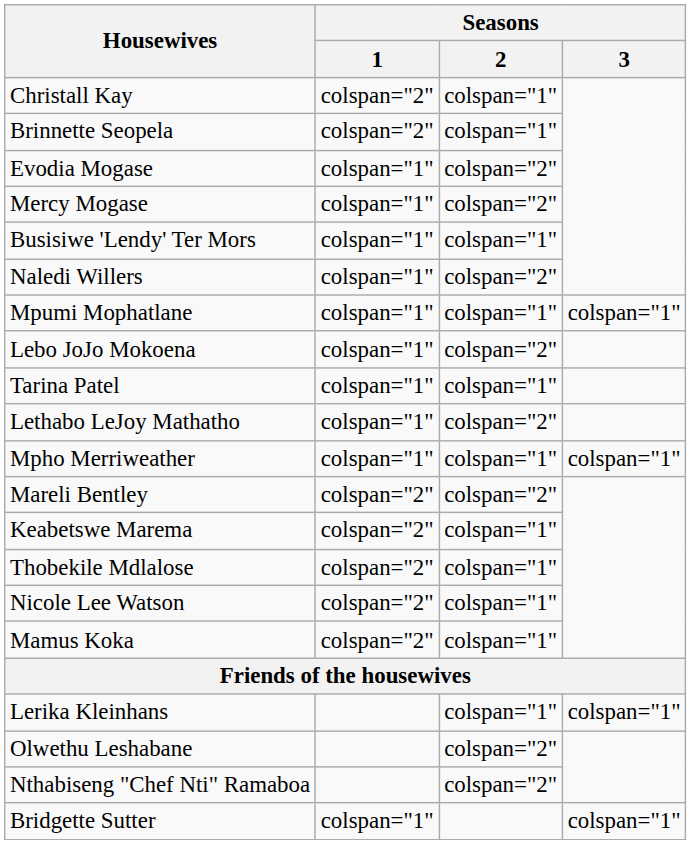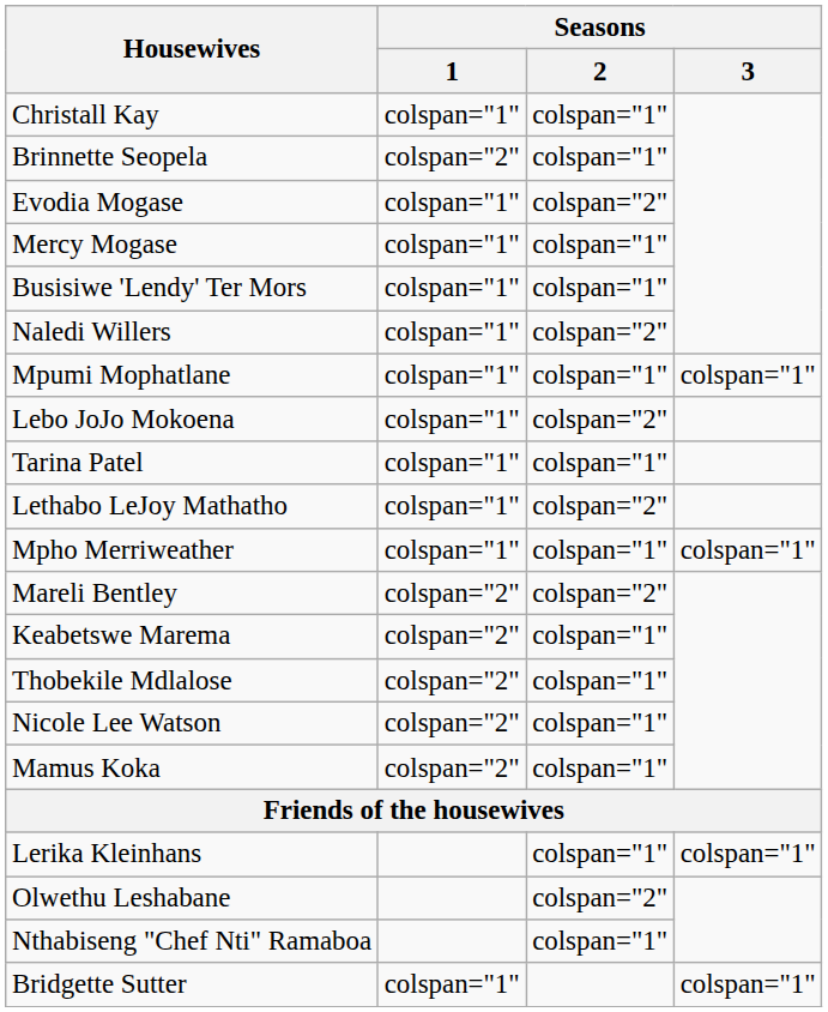 <table class="wikitable plainrowheaders" width="40%">
 <tr>
 <th rowspan="2" style="width:20%;">Housewives</th>
 <th colspan="5">Seasons</th>
 </tr>
 <tr>
 <th style="width:9%;">1</th>
 <th style="width:9%;">2</th>
 <th style="width:9%;">3</th>
 </tr>
 <tr>
 <td>Christall Kay</td>
-<td>colspan="2" </td>
+<td>colspan="1" </td>
 <td>colspan="1" </td>
 </tr>
 <tr>
 <td>Brinnette Seopela</td>
 <td>colspan="2" </td>
 <td>colspan="1" </td>
 </tr>
 <tr>
 <td>Evodia Mogase</td>
 <td>colspan="1" </td>
 <td>colspan="2" </td>
 </tr>
 <tr>
 <td>Mercy Mogase</td>
 <td>colspan="1" </td>
-<td>colspan="2" </td>
+<td>colspan="1" </td>
 </tr>
 <tr>
 <td>Busisiwe 'Lendy' Ter Mors</td>
 <td>colspan="1" </td>
 <td>colspan="1" </td>
 </tr>
 <tr>
 <td>Naledi Willers</td>
 <td>colspan="1" </td>
 <td>colspan="2" </td>
 </tr>
 <tr>
 <td>Mpumi Mophatlane</td>
 <td>colspan="1" </td>
 <td>colspan="1" </td>
 <td>colspan="1" </td>
 </tr>
 <tr>
 <td>Lebo JoJo Mokoena</td>
 <td>colspan="1" </td>
 <td>colspan="2" </td>
 </tr>
 <tr>
 <td>Tarina Patel</td>
 <td>colspan="1" </td>
 <td>colspan="1" </td>
 <td></td>
 </tr>
 <tr>
 <td>Lethabo LeJoy Mathatho</td>
 <td>colspan="1" </td>
 <td>colspan="2" </td>
 </tr>
 <tr>
 <td>Mpho Merriweather</td>
 <td>colspan="1" </td>
 <td>colspan="1" </td>
 <td>colspan="1" </td>
 </tr>
 <tr>
 <td>Mareli Bentley</td>
 <td>colspan="2" </td>
 <td>colspan="2" </td>
 </tr>
 <tr>
 <td>Keabetswe Marema</td>
 <td>colspan="2" </td>
 <td>colspan="1" </td>
 </tr>
 <tr>
 <td>Thobekile Mdlalose </td>
 <td>colspan="2" </td>
 <td>colspan="1" </td>
 </tr>
 <tr>
 <td>Nicole Lee Watson</td>
 <td>colspan="2" </td>
 <td>colspan="1" </td>
 </tr>
 <tr>
 <td>Mamus Koka</td>
 <td>colspan="2" </td>
 <td>colspan="1" </td>
 </tr>
 <tr>
 <th colspan="7">Friends of the housewives</th>
 </tr>
 <tr>
 <td>Lerika Kleinhans</td>
 <td></td>
 <td>colspan="1" </td>
 <td>colspan="1" </td>
 </tr>
 <tr>
 <td>Olwethu Leshabane</td>
 <td></td>
 <td>colspan="2" </td>
 </tr>
 <tr>
 <td nowrap="">Nthabiseng "Chef Nti" Ramaboa</td>
 <td></td>
-<td>colspan="2" </td>
+<td>colspan="1" </td>
 </tr>
 <tr>
 <td>Bridgette Sutter</td>
 <td>colspan="1" </td>
 <td></td>
 <td>colspan="1" </td>
 </tr>
 <tr>
 </tr>
 <tr>
 </tr>
 </table>
